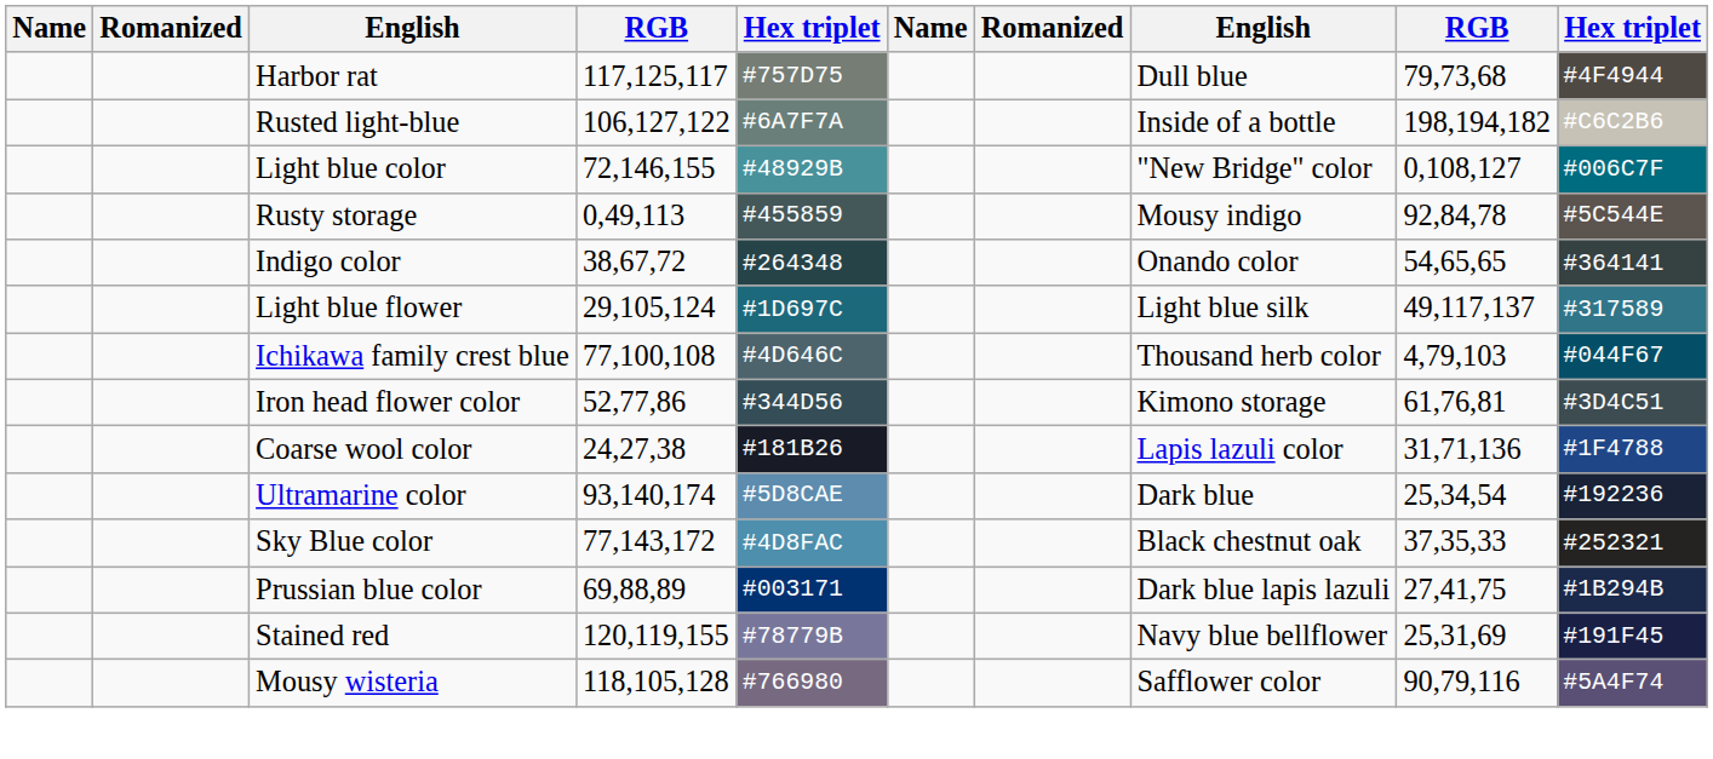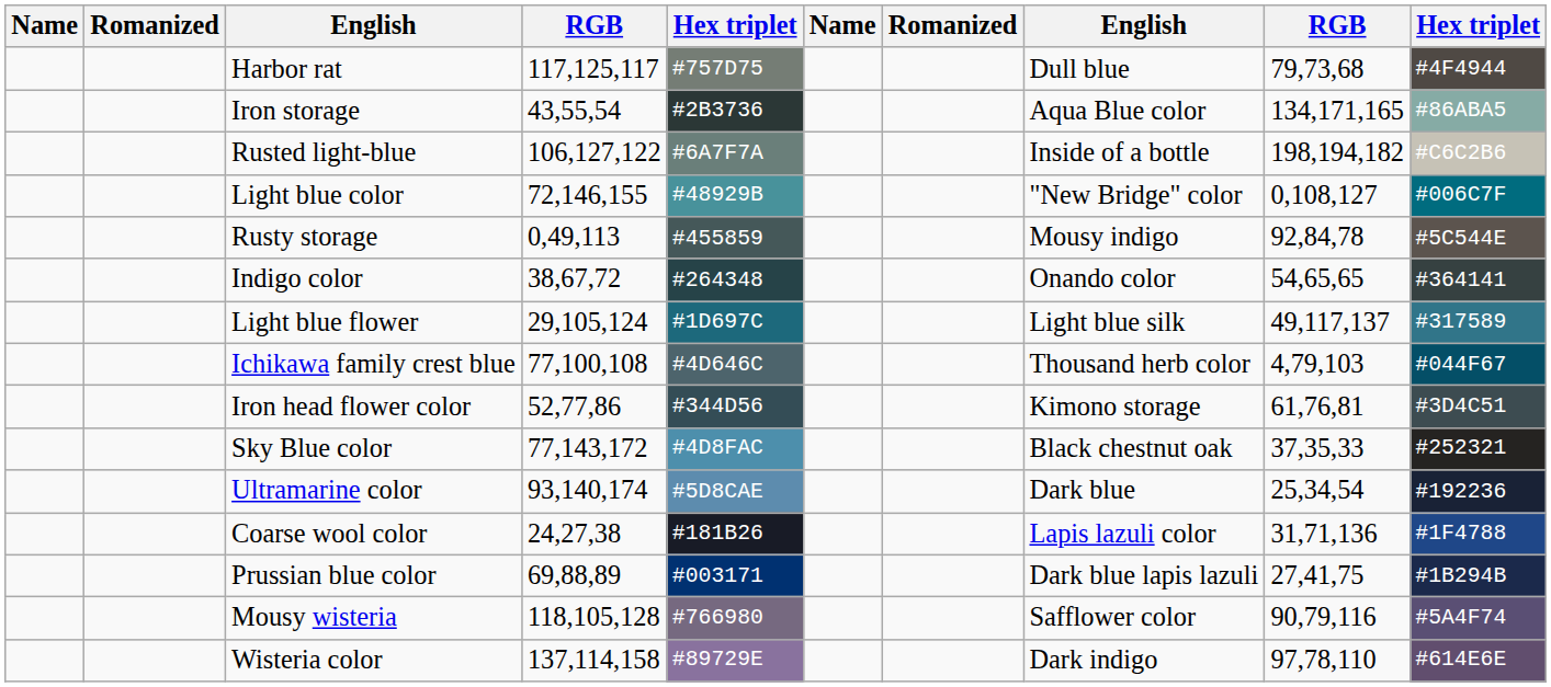 <table class="wikitable">
 <tr>
 <th>Name</th>
 <th>Romanized</th>
 <th>English</th>
 <th><a href='#'>RGB</a></th>
 <th><a href='#'>Hex triplet</a></th>
 <th>Name</th>
 <th>Romanized</th>
 <th>English</th>
 <th><a href='#'>RGB</a></th>
 <th><a href='#'>Hex triplet</a></th>
 </tr>
 <tr>
 <td></td>
 <td></td>
 <td>Harbor rat</td>
 <td>117,125,117</td>
 <td style="background:#757D75; color:#ffffff; font-family:monospace;">#757D75</td>
 <td></td>
 <td></td>
 <td>Dull blue</td>
 <td>79,73,68</td>
 <td style="background:#4F4944; color:#ffffff; font-family:monospace;">#4F4944</td>
+</tr>
+<tr>
+<td></td>
+<td></td>
+<td>Iron storage</td>
+<td>43,55,54</td>
+<td style="background:#2B3736; color:#ffffff; font-family:monospace;">#2B3736</td>
+<td></td>
+<td></td>
+<td>Aqua Blue color</td>
+<td>134,171,165</td>
+<td style="background:#86ABA5; color:#ffffff; font-family:monospace;">#86ABA5</td>
 </tr>
 <tr>
 <td></td>
 <td></td>
 <td>Rusted light-blue</td>
 <td>106,127,122</td>
 <td style="background:#6A7F7A; color:#ffffff; font-family:monospace;">#6A7F7A</td>
 <td></td>
 <td></td>
 <td>Inside of a bottle</td>
 <td>198,194,182</td>
 <td style="background:#C6C2B6; color:#ffffff; font-family:monospace;">#C6C2B6</td>
 </tr>
 <tr>
 <td></td>
 <td></td>
 <td>Light blue color</td>
 <td>72,146,155</td>
 <td style="background:#48929B; color:#ffffff; font-family:monospace;">#48929B</td>
 <td></td>
 <td></td>
 <td>"New Bridge" color</td>
 <td>0,108,127</td>
 <td style="background:#006C7F; color:#ffffff; font-family:monospace;">#006C7F</td>
 </tr>
 <tr>
 <td></td>
 <td></td>
 <td>Rusty storage</td>
 <td>0,49,113</td>
 <td style="background:#455859; color:#ffffff; font-family:monospace;">#455859</td>
 <td></td>
 <td></td>
 <td>Mousy indigo</td>
 <td>92,84,78</td>
 <td style="background:#5C544E; color:#ffffff; font-family:monospace;">#5C544E</td>
 </tr>
 <tr>
 <td></td>
 <td></td>
 <td>Indigo color</td>
 <td>38,67,72</td>
 <td style="background:#264348; color:#ffffff; font-family:monospace;">#264348</td>
 <td></td>
 <td></td>
 <td>Onando color</td>
 <td>54,65,65</td>
 <td style="background:#364141; color:#ffffff; font-family:monospace;">#364141</td>
 </tr>
 <tr>
 <td></td>
 <td></td>
 <td>Light blue flower</td>
 <td>29,105,124</td>
 <td style="background:#1D697C; color:#ffffff; font-family:monospace;">#1D697C</td>
 <td></td>
 <td></td>
 <td>Light blue silk</td>
 <td>49,117,137</td>
 <td style="background:#317589; color:#ffffff; font-family:monospace;">#317589</td>
 </tr>
 <tr>
 <td></td>
 <td></td>
 <td><a href='#'>Ichikawa</a> family crest blue</td>
 <td>77,100,108</td>
 <td style="background:#4D646C; color:#ffffff; font-family:monospace;">#4D646C</td>
 <td></td>
 <td></td>
 <td>Thousand herb color</td>
 <td>4,79,103</td>
 <td style="background:#044F67; color:#ffffff; font-family:monospace;">#044F67</td>
 </tr>
 <tr>
 <td></td>
 <td></td>
 <td>Iron head flower color</td>
 <td>52,77,86</td>
 <td style="background:#344D56; color:#ffffff; font-family:monospace;">#344D56</td>
 <td></td>
 <td></td>
 <td>Kimono storage</td>
 <td>61,76,81</td>
 <td style="background:#3D4C51; color:#ffffff; font-family:monospace;">#3D4C51</td>
 </tr>
 <tr>
 <td></td>
 <td></td>
-<td>Coarse wool color</td>
-<td>24,27,38</td>
-<td style="background:#181B26; color:#ffffff; font-family:monospace;">#181B26</td>
+<td>Sky Blue color</td>
+<td>77,143,172</td>
+<td style="background:#4D8FAC; color:#ffffff; font-family:monospace;">#4D8FAC</td>
 <td></td>
 <td></td>
-<td><a href='#'>Lapis lazuli</a> color</td>
-<td>31,71,136</td>
-<td style="background:#1F4788; color:#ffffff; font-family:monospace;">#1F4788</td>
+<td>Black chestnut oak</td>
+<td>37,35,33</td>
+<td style="background:#252321; color:#ffffff; font-family:monospace;">#252321</td>
 </tr>
 <tr>
 <td></td>
 <td></td>
 <td><a href='#'>Ultramarine</a> color</td>
 <td>93,140,174</td>
 <td style="background:#5D8CAE; color:#ffffff; font-family:monospace;">#5D8CAE</td>
 <td></td>
 <td></td>
 <td>Dark blue</td>
 <td>25,34,54</td>
 <td style="background:#192236; color:#ffffff; font-family:monospace;">#192236</td>
 </tr>
 <tr>
 <td></td>
 <td></td>
-<td>Sky Blue color</td>
-<td>77,143,172</td>
-<td style="background:#4D8FAC; color:#ffffff; font-family:monospace;">#4D8FAC</td>
+<td>Coarse wool color</td>
+<td>24,27,38</td>
+<td style="background:#181B26; color:#ffffff; font-family:monospace;">#181B26</td>
 <td></td>
 <td></td>
-<td>Black chestnut oak</td>
-<td>37,35,33</td>
-<td style="background:#252321; color:#ffffff; font-family:monospace;">#252321</td>
+<td><a href='#'>Lapis lazuli</a> color</td>
+<td>31,71,136</td>
+<td style="background:#1F4788; color:#ffffff; font-family:monospace;">#1F4788</td>
 </tr>
 <tr>
 <td></td>
 <td></td>
 <td>Prussian blue color</td>
 <td>69,88,89</td>
 <td style="background:#003171; color:#ffffff; font-family:monospace;">#003171</td>
 <td></td>
 <td></td>
 <td>Dark blue lapis lazuli</td>
 <td>27,41,75</td>
 <td style="background:#1B294B; color:#ffffff; font-family:monospace;">#1B294B</td>
 </tr>
 <tr>
 <td></td>
 <td></td>
-<td>Stained red</td>
-<td>120,119,155</td>
-<td style="background:#78779B; color:#ffffff; font-family:monospace;">#78779B</td>
-<td></td>
-<td></td>
-<td>Navy blue bellflower</td>
-<td>25,31,69</td>
-<td style="background:#191F45; color:#ffffff; font-family:monospace;">#191F45</td>
-</tr>
-<tr>
-<td></td>
-<td></td>
 <td>Mousy <a href='#'>wisteria</a></td>
 <td>118,105,128</td>
 <td style="background:#766980; color:#ffffff; font-family:monospace;">#766980</td>
 <td></td>
 <td></td>
 <td>Safflower color</td>
 <td>90,79,116</td>
 <td style="background:#5A4F74; color:#ffffff; font-family:monospace;">#5A4F74</td>
 </tr>
+<tr>
+<td></td>
+<td></td>
+<td>Wisteria color</td>
+<td>137,114,158</td>
+<td style="background:#89729E; color:#ffffff; font-family:monospace;">#89729E</td>
+<td></td>
+<td></td>
+<td>Dark indigo</td>
+<td>97,78,110</td>
+<td style="background:#614E6E; color:#ffffff; font-family:monospace;">#614E6E</td>
+</tr>
 </table>
